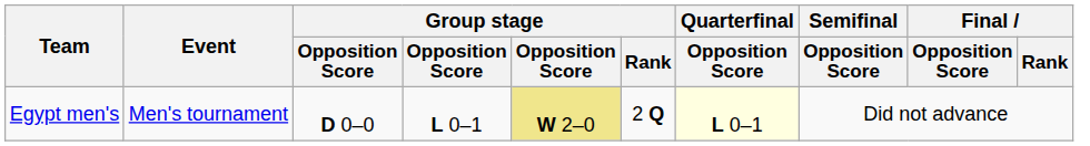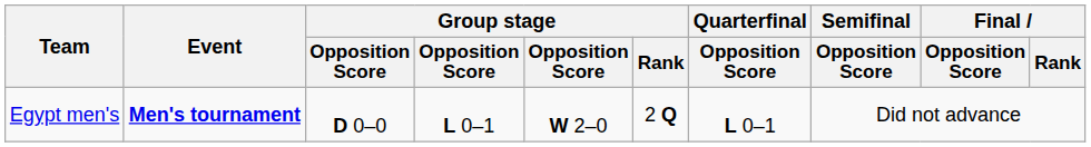 <table class="wikitable" style="font-size:90%">
 <tr>
 <th rowspan=2>Team</th>
 <th rowspan=2>Event</th>
 <th colspan=4>Group stage</th>
 <th>Quarterfinal</th>
 <th>Semifinal</th>
 <th colspan=2>Final / </th>
 </tr>
 <tr style="font-size:95%">
 <th>Opposition<br>Score</th>
 <th>Opposition<br>Score</th>
 <th>Opposition<br>Score</th>
 <th>Rank</th>
 <th>Opposition<br>Score</th>
 <th>Opposition<br>Score</th>
 <th>Opposition<br>Score</th>
 <th>Rank</th>
 </tr>
 <tr align=center>
 <td align=left><a href='#'>Egypt men's</a></td>
-<td align=left><a href='#'>Men's tournament</a></td>
+<td align=left><strong><a href='#'>Men's tournament</a></strong></td>
 <td><br><strong>D</strong> 0–0</td>
 <td><br><strong>L</strong> 0–1</td>
-<td style="background: khaki;"><br><strong>W</strong> 2–0</td>
+<td><br><strong>W</strong> 2–0</td>
 <td>2 <strong>Q</strong></td>
-<td style="background: lightyellow;"><br><strong>L</strong> 0–1</td>
+<td><br><strong>L</strong> 0–1</td>
 <td colspan=3>Did not advance</td>
 </tr>
 </table>
